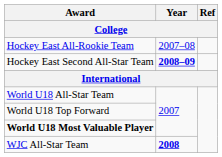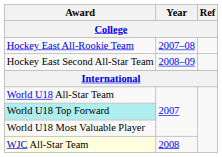 <table class="wikitable">
 <tr>
 <th>Award</th>
 <th>Year</th>
 <th>Ref</th>
 </tr>
 <tr ALIGN="center" bgcolor="#e0e0e0">
 <th colspan="3"><a href='#'>College</a></th>
 </tr>
 <tr>
 <td><a href='#'>Hockey East All-Rookie Team</a></td>
 <td><a href='#'>2007–08</a></td>
 <td></td>
 </tr>
 <tr>
 <td>Hockey East Second All-Star Team</td>
-<td><strong><a href='#'>2008–09</a></strong></td>
+<td><a href='#'>2008–09</a></td>
 <td></td>
 </tr>
 <tr ALIGN="center" bgcolor="#e0e0e0">
 <th colspan="3"><a href='#'>International</a></th>
 </tr>
 <tr>
 <td><a href='#'>World U18</a> All-Star Team</td>
 <td rowspan="3"><a href='#'>2007</a></td>
 <td rowspan="4"></td>
 </tr>
 <tr>
-<td>World U18 Top Forward</td>
+<td style="background: paleturquoise;">World U18 Top Forward</td>
 </tr>
 <tr>
-<td><strong>World U18 Most Valuable Player</strong></td>
+<td>World U18 Most Valuable Player</td>
 </tr>
 <tr>
-<td><a href='#'>WJC</a> All-Star Team</td>
-<td><strong><a href='#'>2008</a></strong></td>
+<td style="background: lightyellow;"><a href='#'>WJC</a> All-Star Team</td>
+<td><a href='#'>2008</a></td>
 </tr>
 </table>
